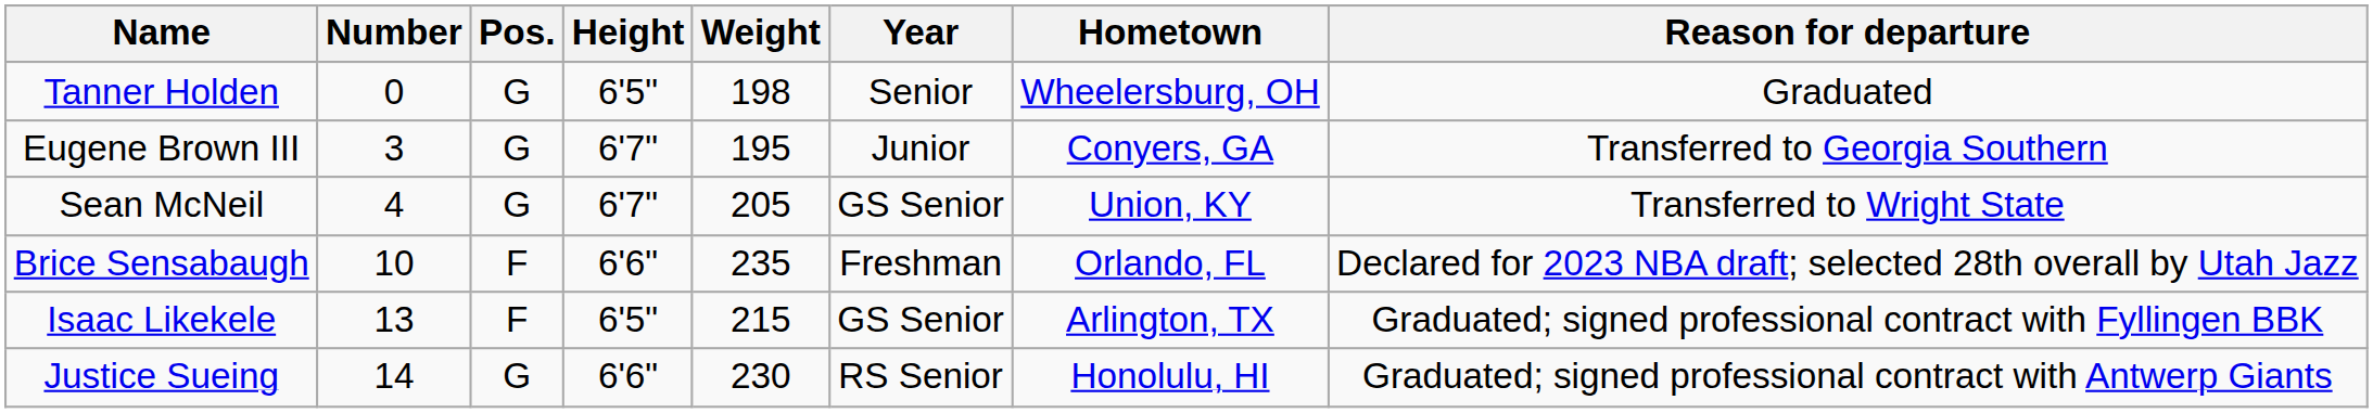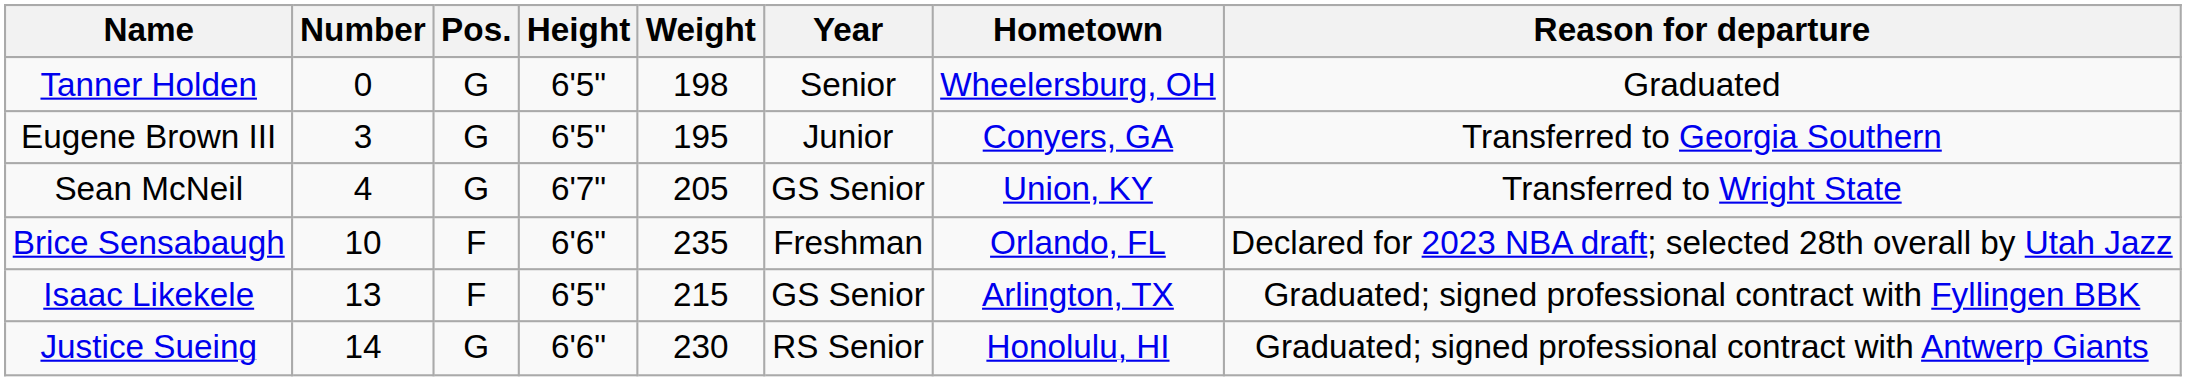 <table class="wikitable sortable sortable" style="text-align:center">
 <tr align=center>
 <th>Name</th>
 <th>Number</th>
 <th>Pos.</th>
 <th>Height</th>
 <th>Weight</th>
 <th>Year</th>
 <th>Hometown</th>
 <th class="unsortable">Reason for departure</th>
 </tr>
 <tr>
 <td><a href='#'>Tanner Holden</a></td>
 <td>0</td>
 <td>G</td>
 <td>6'5"</td>
 <td>198</td>
 <td>Senior</td>
 <td><a href='#'>Wheelersburg, OH</a></td>
 <td>Graduated</td>
 </tr>
 <tr>
 <td>Eugene Brown III</td>
 <td>3</td>
 <td>G</td>
-<td>6'7"</td>
+<td>6'5"</td>
 <td>195</td>
 <td>Junior</td>
 <td><a href='#'>Conyers, GA</a></td>
 <td>Transferred to <a href='#'>Georgia Southern</a></td>
 </tr>
 <tr>
 <td>Sean McNeil</td>
 <td>4</td>
 <td>G</td>
 <td>6'7"</td>
 <td>205</td>
 <td>GS Senior</td>
 <td><a href='#'>Union, KY</a></td>
 <td>Transferred to  <a href='#'>Wright State</a></td>
 </tr>
 <tr>
 <td><a href='#'>Brice Sensabaugh</a></td>
 <td>10</td>
 <td>F</td>
 <td>6'6"</td>
 <td>235</td>
 <td>Freshman</td>
 <td><a href='#'>Orlando, FL</a></td>
 <td>Declared for <a href='#'>2023 NBA draft</a>; selected 28th overall by <a href='#'>Utah Jazz</a></td>
 </tr>
 <tr>
 <td><a href='#'>Isaac Likekele</a></td>
 <td>13</td>
 <td>F</td>
 <td>6'5"</td>
 <td>215</td>
 <td>GS Senior</td>
 <td><a href='#'>Arlington, TX</a></td>
 <td>Graduated; signed professional contract with <a href='#'>Fyllingen BBK</a></td>
 </tr>
 <tr>
 <td><a href='#'>Justice Sueing</a></td>
 <td>14</td>
 <td>G</td>
 <td>6'6"</td>
 <td>230</td>
 <td>RS Senior</td>
 <td><a href='#'>Honolulu, HI</a></td>
 <td>Graduated; signed professional contract with <a href='#'>Antwerp Giants</a></td>
 </tr>
 </table>
